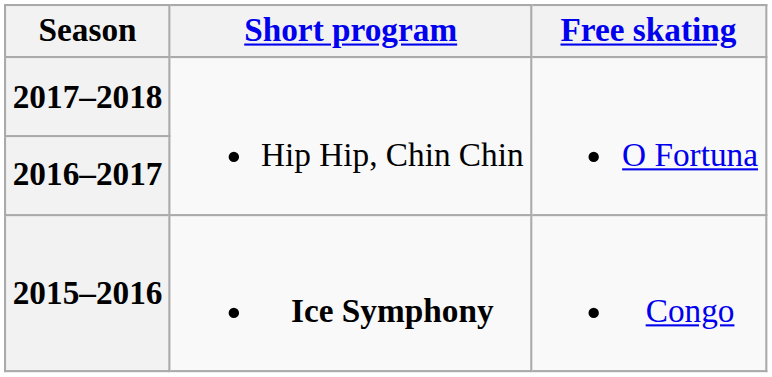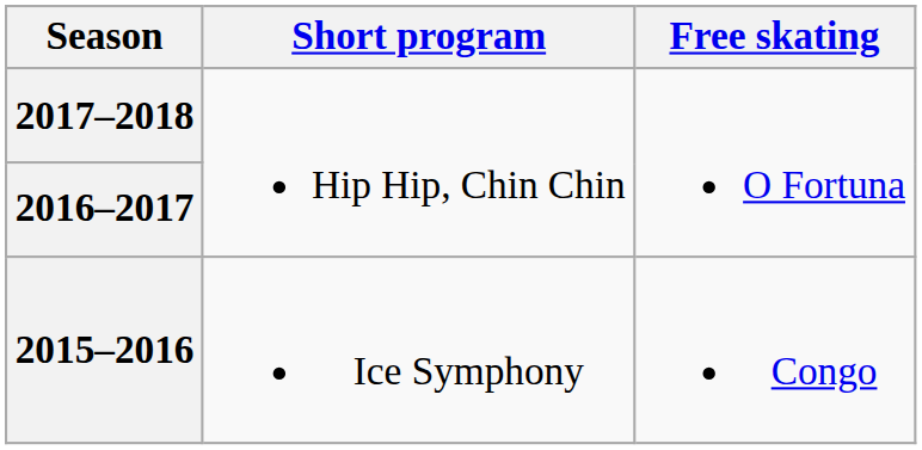 <table class=wikitable style=text-align:center>
 <tr>
 <th>Season</th>
 <th><a href='#'>Short program</a></th>
 <th><a href='#'>Free skating</a></th>
 </tr>
 <tr>
 <th>2017–2018 <br> </th>
 <td rowspan=2><br><ul><li>Hip Hip, Chin Chin <br></li></ul></td>
 <td rowspan=2><br><ul><li><a href='#'>O Fortuna</a> <br></li></ul></td>
 </tr>
 <tr>
 <th>2016–2017 <br> </th>
 </tr>
 <tr>
 <th>2015–2016 <br> </th>
-<td><strong><br><ul><li>Ice Symphony <br></li></ul></strong></td>
+<td><br><ul><li>Ice Symphony <br></li></ul></td>
 <td><br><ul><li><a href='#'>Congo</a> <br></li></ul></td>
 </tr>
 </table>
